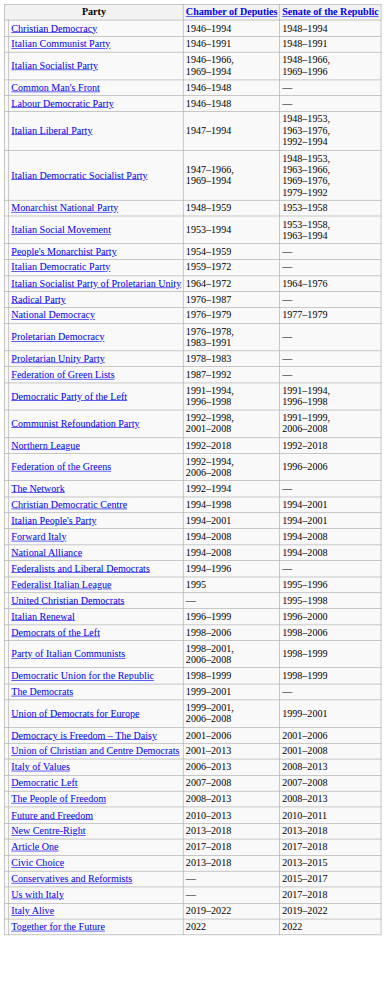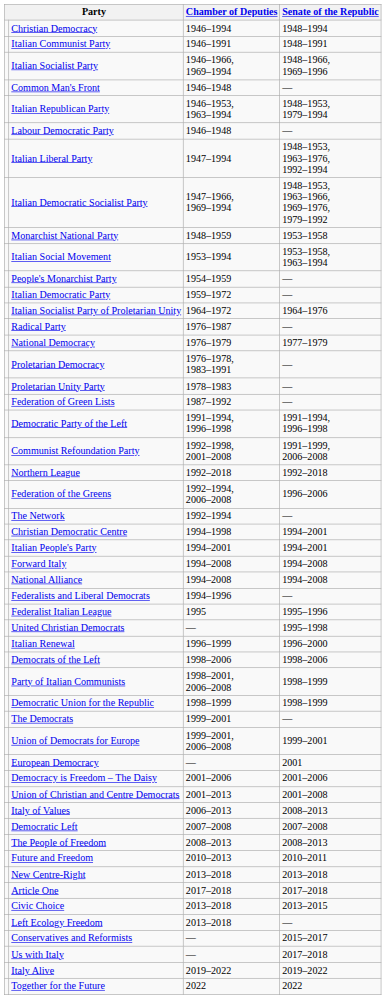 <table class="wikitable">
 <tr>
 <th colspan="2">Party</th>
 <th><a href='#'>Chamber of Deputies</a></th>
 <th><a href='#'>Senate of the Republic</a></th>
 </tr>
 <tr>
 <td></td>
 <td><a href='#'>Christian Democracy</a><br></td>
 <td>1946–1994</td>
 <td>1948–1994</td>
 </tr>
 <tr>
 <td></td>
 <td><a href='#'>Italian Communist Party</a><br></td>
 <td>1946–1991</td>
 <td>1948–1991</td>
 </tr>
 <tr>
 <td></td>
 <td><a href='#'>Italian Socialist Party</a><br></td>
 <td>1946–1966,<br>1969–1994</td>
 <td>1948–1966,<br>1969–1996</td>
 </tr>
 <tr>
 <td></td>
 <td><a href='#'>Common Man's Front</a><br></td>
 <td>1946–1948</td>
 <td>—</td>
+</tr>
+<tr>
+<td></td>
+<td><a href='#'>Italian Republican Party</a><br></td>
+<td>1946–1953,<br>1963–1994</td>
+<td>1948–1953,<br>1979–1994</td>
 </tr>
 <tr>
 <td></td>
 <td><a href='#'>Labour Democratic Party</a><br></td>
 <td>1946–1948</td>
 <td>—</td>
 </tr>
 <tr>
 <td></td>
 <td><a href='#'>Italian Liberal Party</a><br></td>
 <td>1947–1994</td>
 <td>1948–1953,<br>1963–1976,<br>1992–1994</td>
 </tr>
 <tr>
 <td></td>
 <td><a href='#'>Italian Democratic Socialist Party</a><br></td>
 <td>1947–1966,<br>1969–1994</td>
 <td>1948–1953,<br>1963–1966,<br>1969–1976,<br>1979–1992</td>
 </tr>
 <tr>
 <td></td>
 <td><a href='#'>Monarchist National Party</a><br></td>
 <td>1948–1959</td>
 <td>1953–1958</td>
 </tr>
 <tr>
 <td></td>
 <td><a href='#'>Italian Social Movement</a><br></td>
 <td>1953–1994</td>
 <td>1953–1958,<br>1963–1994</td>
 </tr>
 <tr>
 <td></td>
 <td><a href='#'>People's Monarchist Party</a><br></td>
 <td>1954–1959</td>
 <td>—</td>
 </tr>
 <tr>
 <td></td>
 <td><a href='#'>Italian Democratic Party</a><br></td>
 <td>1959–1972</td>
 <td>—</td>
 </tr>
 <tr>
 <td></td>
 <td><a href='#'>Italian Socialist Party of Proletarian Unity</a><br></td>
 <td>1964–1972</td>
 <td>1964–1976</td>
 </tr>
 <tr>
 <td></td>
 <td><a href='#'>Radical Party</a><br></td>
 <td>1976–1987</td>
 <td>—</td>
 </tr>
 <tr>
 <td></td>
 <td><a href='#'>National Democracy</a><br></td>
 <td>1976–1979</td>
 <td>1977–1979</td>
 </tr>
 <tr>
 <td></td>
 <td><a href='#'>Proletarian Democracy</a><br></td>
 <td>1976–1978,<br>1983–1991</td>
 <td>—</td>
 </tr>
 <tr>
 <td></td>
 <td><a href='#'>Proletarian Unity Party</a><br></td>
 <td>1978–1983</td>
 <td>—</td>
 </tr>
 <tr>
 <td></td>
 <td><a href='#'>Federation of Green Lists</a><br></td>
 <td>1987–1992</td>
 <td>—</td>
 </tr>
 <tr>
 <td></td>
 <td><a href='#'>Democratic Party of the Left</a><br></td>
 <td>1991–1994,<br>1996–1998</td>
 <td>1991–1994,<br>1996–1998</td>
 </tr>
 <tr>
 <td></td>
 <td><a href='#'>Communist Refoundation Party</a><br></td>
 <td>1992–1998,<br>2001–2008</td>
 <td>1991–1999,<br>2006–2008</td>
 </tr>
 <tr>
 <td></td>
 <td><a href='#'>Northern League</a><br></td>
 <td>1992–2018</td>
 <td>1992–2018</td>
 </tr>
 <tr>
 <td></td>
 <td><a href='#'>Federation of the Greens</a><br></td>
 <td>1992–1994,<br>2006–2008</td>
 <td>1996–2006</td>
 </tr>
 <tr>
 <td></td>
 <td><a href='#'>The Network</a><br></td>
 <td>1992–1994</td>
 <td>—</td>
 </tr>
 <tr>
 <td></td>
 <td><a href='#'>Christian Democratic Centre</a><br></td>
 <td>1994–1998</td>
 <td>1994–2001</td>
 </tr>
 <tr>
 <td></td>
 <td><a href='#'>Italian People's Party</a><br></td>
 <td>1994–2001</td>
 <td>1994–2001</td>
 </tr>
 <tr>
 <td></td>
 <td><a href='#'>Forward Italy</a><br></td>
 <td>1994–2008</td>
 <td>1994–2008</td>
 </tr>
 <tr>
 <td></td>
 <td><a href='#'>National Alliance</a><br></td>
 <td>1994–2008</td>
 <td>1994–2008</td>
 </tr>
 <tr>
 <td></td>
 <td><a href='#'>Federalists and Liberal Democrats</a><br></td>
 <td>1994–1996</td>
 <td>—</td>
 </tr>
 <tr>
 <td></td>
 <td><a href='#'>Federalist Italian League</a><br></td>
 <td>1995</td>
 <td>1995–1996</td>
 </tr>
 <tr>
 <td></td>
 <td><a href='#'>United Christian Democrats</a><br></td>
 <td>—</td>
 <td>1995–1998</td>
 </tr>
 <tr>
 <td></td>
 <td><a href='#'>Italian Renewal</a><br></td>
 <td>1996–1999</td>
 <td>1996–2000</td>
 </tr>
 <tr>
 <td></td>
 <td><a href='#'>Democrats of the Left</a><br></td>
 <td>1998–2006</td>
 <td>1998–2006</td>
 </tr>
 <tr>
 <td></td>
 <td><a href='#'>Party of Italian Communists</a><br></td>
 <td>1998–2001,<br>2006–2008</td>
 <td>1998–1999</td>
 </tr>
 <tr>
 <td></td>
 <td><a href='#'>Democratic Union for the Republic</a><br></td>
 <td>1998–1999</td>
 <td>1998–1999</td>
 </tr>
 <tr>
 <td></td>
 <td><a href='#'>The Democrats</a><br></td>
 <td>1999–2001</td>
 <td>—</td>
 </tr>
 <tr>
 <td></td>
 <td><a href='#'>Union of Democrats for Europe</a><br></td>
 <td>1999–2001,<br>2006–2008</td>
 <td>1999–2001</td>
 </tr>
 <tr>
 <td></td>
+<td><a href='#'>European Democracy</a><br></td>
+<td>—</td>
+<td>2001</td>
+</tr>
+<tr>
+<td></td>
 <td><a href='#'>Democracy is Freedom – The Daisy</a><br></td>
 <td>2001–2006</td>
 <td>2001–2006</td>
 </tr>
 <tr>
 <td></td>
 <td><a href='#'>Union of Christian and Centre Democrats</a><br></td>
 <td>2001–2013</td>
 <td>2001–2008</td>
 </tr>
 <tr>
 <td></td>
 <td><a href='#'>Italy of Values</a><br></td>
 <td>2006–2013</td>
 <td>2008–2013</td>
 </tr>
 <tr>
 <td></td>
 <td><a href='#'>Democratic Left</a><br></td>
 <td>2007–2008</td>
 <td>2007–2008</td>
 </tr>
 <tr>
 <td></td>
 <td><a href='#'>The People of Freedom</a><br></td>
 <td>2008–2013</td>
 <td>2008–2013</td>
 </tr>
 <tr>
 <td></td>
 <td><a href='#'>Future and Freedom</a><br></td>
 <td>2010–2013</td>
 <td>2010–2011</td>
 </tr>
 <tr>
 <td></td>
 <td><a href='#'>New Centre-Right</a><br></td>
 <td>2013–2018</td>
 <td>2013–2018</td>
 </tr>
 <tr>
 <td></td>
 <td><a href='#'>Article One</a><br></td>
 <td>2017–2018</td>
 <td>2017–2018</td>
 </tr>
 <tr>
 <td></td>
 <td><a href='#'>Civic Choice</a><br></td>
 <td>2013–2018</td>
 <td>2013–2015</td>
 </tr>
 <tr>
 <td></td>
+<td><a href='#'>Left Ecology Freedom</a><br></td>
+<td>2013–2018</td>
+<td>—</td>
+</tr>
+<tr>
+<td></td>
 <td><a href='#'>Conservatives and Reformists</a><br></td>
 <td>—</td>
 <td>2015–2017</td>
 </tr>
 <tr>
 <td></td>
 <td><a href='#'>Us with Italy</a><br></td>
 <td>—</td>
 <td>2017–2018</td>
 </tr>
 <tr>
 <td></td>
 <td><a href='#'>Italy Alive</a><br></td>
 <td>2019–2022</td>
 <td>2019–2022</td>
 </tr>
 <tr>
 <td></td>
 <td><a href='#'>Together for the Future</a><br></td>
 <td>2022</td>
 <td>2022</td>
 </tr>
 </table>
